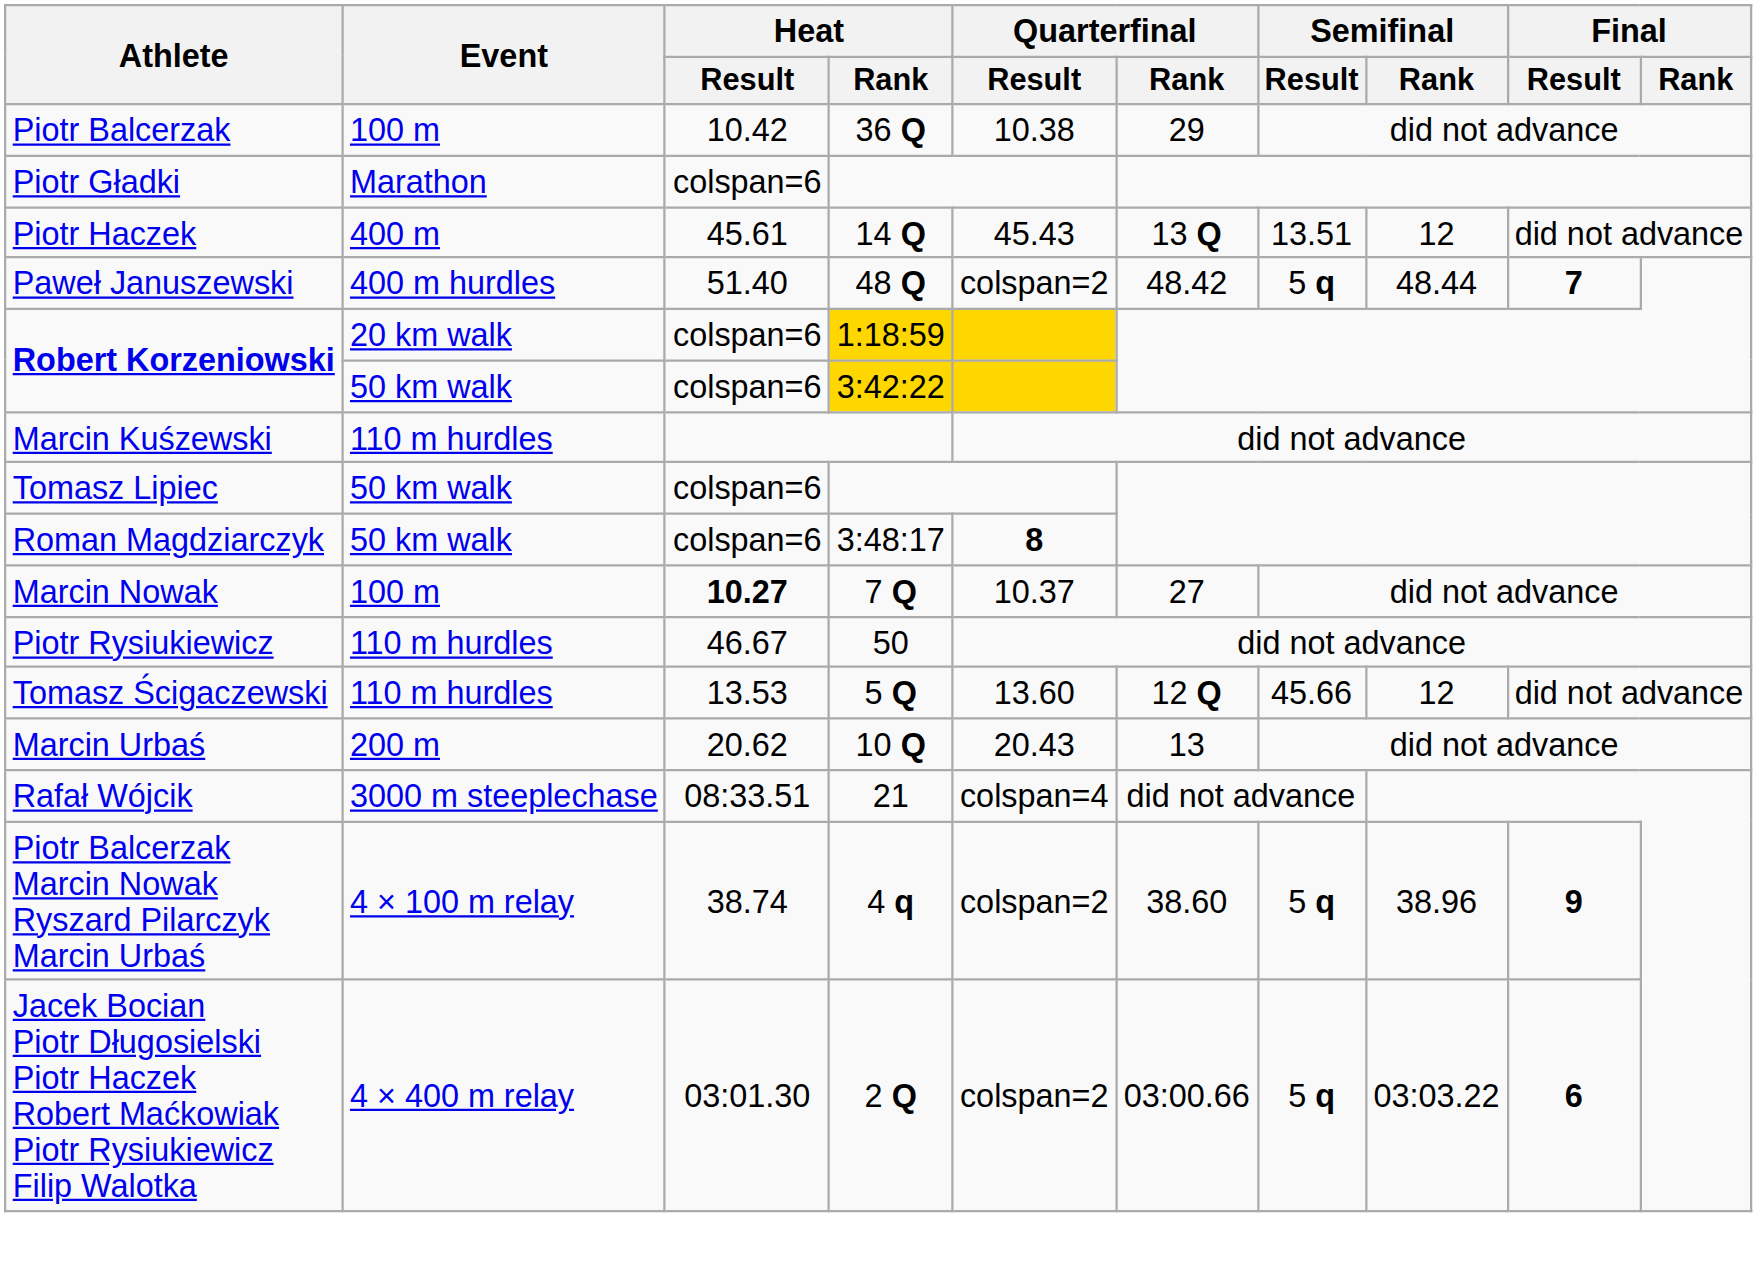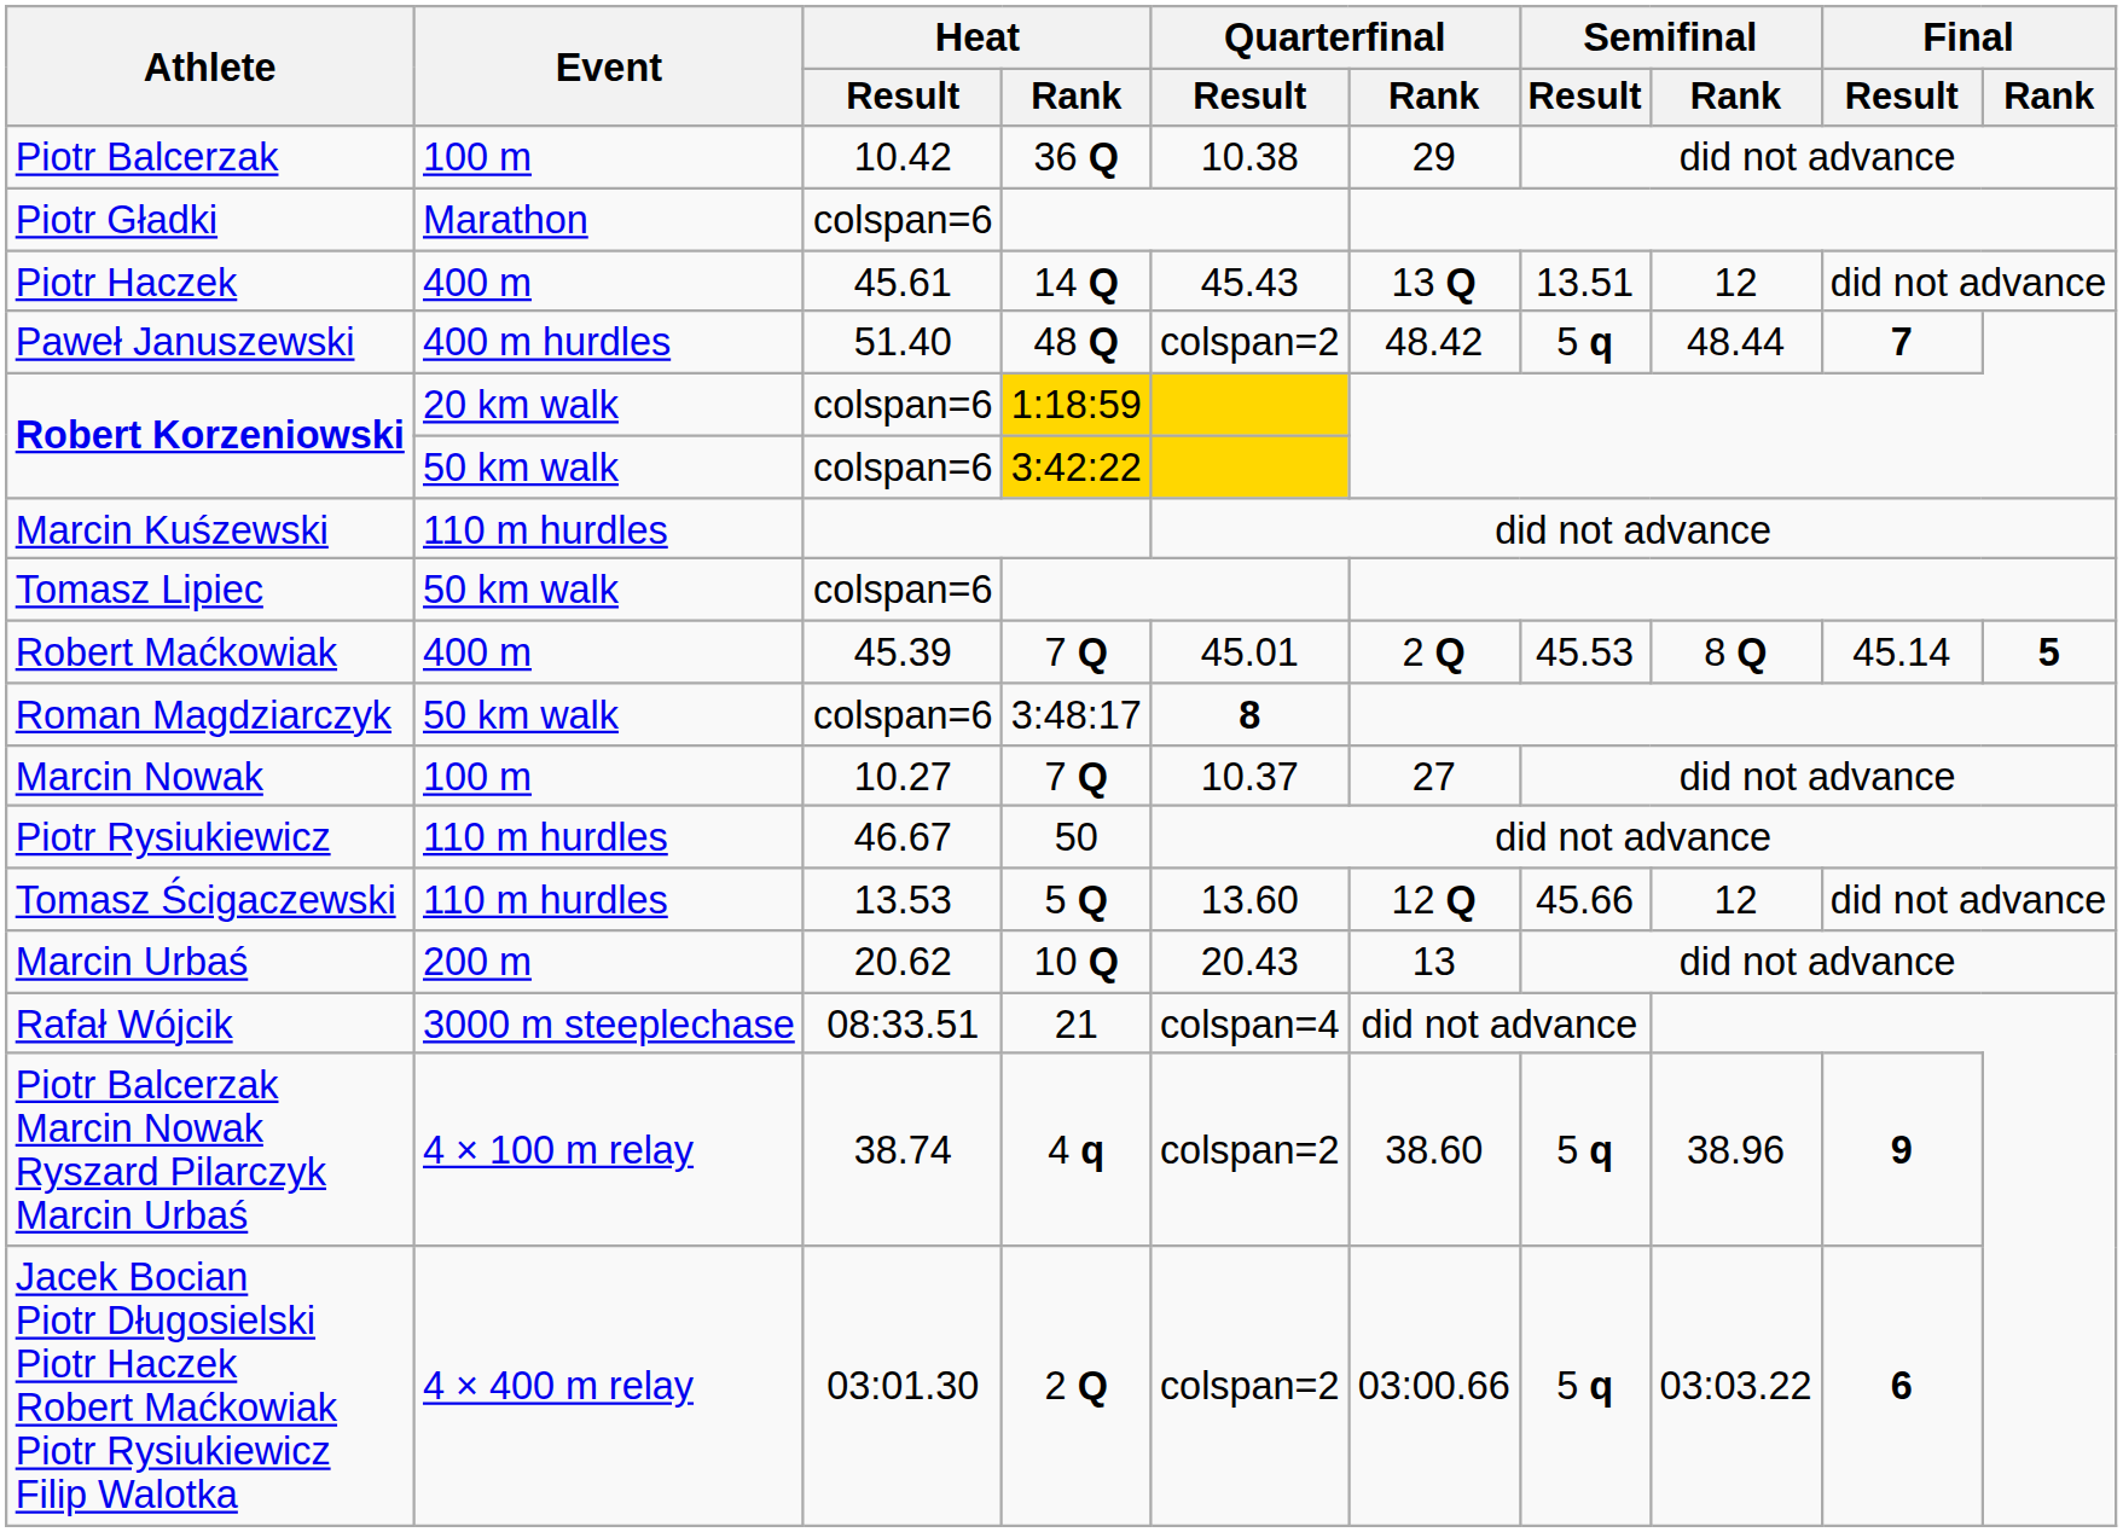 <table class=wikitable style="font-size:90%">
 <tr>
 <th rowspan="2">Athlete</th>
 <th rowspan="2">Event</th>
 <th colspan="2">Heat</th>
 <th colspan="2">Quarterfinal</th>
 <th colspan="2">Semifinal</th>
 <th colspan="2">Final</th>
 </tr>
 <tr style="font-size:95%">
 <th>Result</th>
 <th>Rank</th>
 <th>Result</th>
 <th>Rank</th>
 <th>Result</th>
 <th>Rank</th>
 <th>Result</th>
 <th>Rank</th>
 </tr>
 <tr align=center>
 <td align=left><a href='#'>Piotr Balcerzak</a></td>
 <td align=left><a href='#'>100 m</a></td>
 <td>10.42</td>
 <td>36 <strong>Q</strong></td>
 <td>10.38</td>
 <td>29</td>
 <td colspan=4>did not advance</td>
 </tr>
 <tr align=center>
 <td align=left><a href='#'>Piotr Gładki</a></td>
 <td align=left><a href='#'>Marathon</a></td>
 <td>colspan=6 </td>
 <td colspan=2></td>
 </tr>
 <tr align=center>
 <td align=left><a href='#'>Piotr Haczek</a></td>
 <td align=left><a href='#'>400 m</a></td>
 <td>45.61</td>
 <td>14 <strong>Q</strong></td>
 <td>45.43</td>
 <td>13 <strong>Q</strong></td>
 <td>13.51</td>
 <td>12</td>
 <td colspan=2>did not advance</td>
 </tr>
 <tr align=center>
 <td align=left><a href='#'>Paweł Januszewski</a></td>
 <td align=left><a href='#'>400 m hurdles</a></td>
 <td>51.40</td>
 <td>48 <strong>Q</strong></td>
 <td>colspan=2 </td>
 <td>48.42</td>
 <td>5 <strong>q</strong></td>
 <td>48.44</td>
 <td><strong>7</strong></td>
 </tr>
 <tr align=center>
 <td align=left rowspan=2><strong><a href='#'>Robert Korzeniowski</a></strong></td>
 <td align=left><a href='#'>20 km walk</a></td>
 <td>colspan=6 </td>
 <td align="center" bgcolor='gold'>1:18:59</td>
 <td align="center" bgcolor='gold'></td>
 </tr>
 <tr align=center>
 <td align=left><a href='#'>50 km walk</a></td>
 <td>colspan=6 </td>
 <td align="center" bgcolor='gold'>3:42:22</td>
 <td align="center" bgcolor='gold'></td>
 </tr>
 <tr align=center>
 <td align=left><a href='#'>Marcin Kuśzewski</a></td>
 <td align=left><a href='#'>110 m hurdles</a></td>
 <td colspan=2></td>
 <td colspan=6>did not advance</td>
 </tr>
 <tr align=center>
 <td align=left><a href='#'>Tomasz Lipiec</a></td>
 <td align=left><a href='#'>50 km walk</a></td>
 <td>colspan=6 </td>
 <td colspan=2></td>
 </tr>
 <tr align=center>
+<td align=left><a href='#'>Robert Maćkowiak</a></td>
+<td align=left><a href='#'>400 m</a></td>
+<td>45.39</td>
+<td>7 <strong>Q</strong></td>
+<td>45.01</td>
+<td>2 <strong>Q</strong></td>
+<td>45.53</td>
+<td>8 <strong>Q</strong></td>
+<td>45.14</td>
+<td><strong>5</strong></td>
+</tr>
+<tr align=center>
 <td align=left><a href='#'>Roman Magdziarczyk</a></td>
 <td align=left><a href='#'>50 km walk</a></td>
 <td>colspan=6 </td>
 <td>3:48:17</td>
 <td><strong>8</strong></td>
 </tr>
 <tr align=center>
 <td align=left><a href='#'>Marcin Nowak</a></td>
 <td align=left><a href='#'>100 m</a></td>
-<td><strong>10.27</strong></td>
+<td>10.27</td>
 <td>7 <strong>Q</strong></td>
 <td>10.37</td>
 <td>27</td>
 <td colspan=4>did not advance</td>
 </tr>
 <tr align=center>
 <td align=left><a href='#'>Piotr Rysiukiewicz</a></td>
 <td align=left><a href='#'>110 m hurdles</a></td>
 <td>46.67</td>
 <td>50</td>
 <td colspan=6>did not advance</td>
 </tr>
 <tr align=center>
 <td align=left><a href='#'>Tomasz Ścigaczewski</a></td>
 <td align=left><a href='#'>110 m hurdles</a></td>
 <td>13.53</td>
 <td>5 <strong>Q</strong></td>
 <td>13.60</td>
 <td>12 <strong>Q</strong></td>
 <td>45.66</td>
 <td>12</td>
 <td colspan=2>did not advance</td>
 </tr>
 <tr align=center>
 <td align=left><a href='#'>Marcin Urbaś</a></td>
 <td align=left><a href='#'>200 m</a></td>
 <td>20.62</td>
 <td>10 <strong>Q</strong></td>
 <td>20.43</td>
 <td>13</td>
 <td colspan=4>did not advance</td>
 </tr>
 <tr align=center>
 <td align=left><a href='#'>Rafał Wójcik</a></td>
 <td align=left><a href='#'>3000 m steeplechase</a></td>
 <td>08:33.51</td>
 <td>21</td>
 <td>colspan=4 </td>
 <td colspan=2>did not advance</td>
 </tr>
 <tr align=center>
 <td align=left><a href='#'>Piotr Balcerzak</a><br><a href='#'>Marcin Nowak</a><br><a href='#'>Ryszard Pilarczyk</a><br><a href='#'>Marcin Urbaś</a></td>
 <td align=left><a href='#'>4 × 100 m relay</a></td>
 <td>38.74</td>
 <td>4 <strong>q</strong></td>
 <td>colspan=2 </td>
 <td>38.60</td>
 <td>5 <strong>q</strong></td>
 <td>38.96</td>
 <td><strong>9</strong></td>
 </tr>
 <tr align=center>
 <td align=left><a href='#'>Jacek Bocian</a><br><a href='#'>Piotr Długosielski</a><br><a href='#'>Piotr Haczek</a><br><a href='#'>Robert Maćkowiak</a><br><a href='#'>Piotr Rysiukiewicz</a><br><a href='#'>Filip Walotka</a></td>
 <td align=left><a href='#'>4 × 400 m relay</a></td>
 <td>03:01.30</td>
 <td>2 <strong>Q</strong></td>
 <td>colspan=2 </td>
 <td>03:00.66</td>
 <td>5 <strong>q</strong></td>
 <td>03:03.22</td>
 <td><strong>6</strong></td>
 </tr>
 </table>
